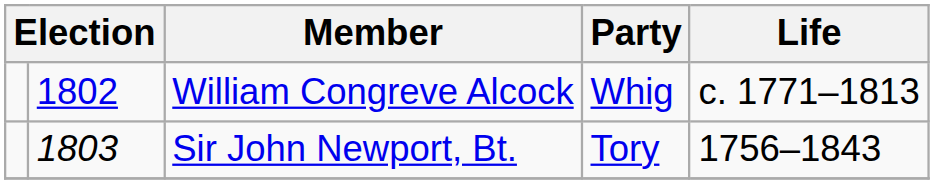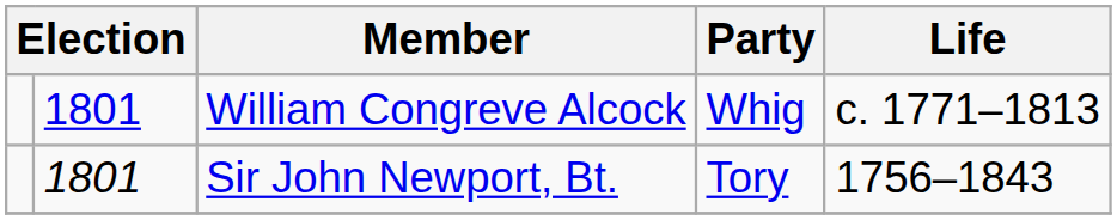 <table class="wikitable">
 <tr>
 <th colspan="2">Election</th>
 <th>Member</th>
 <th>Party</th>
 <th>Life</th>
 </tr>
 <tr>
 <td style="color:inherit;background-color: "></td>
-<td><a href='#'>1802</a></td>
+<td><a href='#'>1801</a></td>
 <td><a href='#'>William Congreve Alcock</a></td>
 <td><a href='#'>Whig</a></td>
 <td>c. 1771–1813</td>
 </tr>
 <tr>
 <td style="color:inherit;background-color: "></td>
-<td><em>1803</em></td>
+<td><em>1801</em></td>
 <td><a href='#'>Sir John Newport, Bt.</a></td>
 <td><a href='#'>Tory</a></td>
 <td>1756–1843</td>
 </tr>
 <tr>
 </tr>
 </table>
